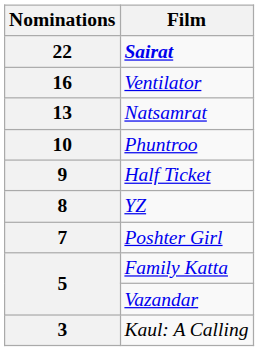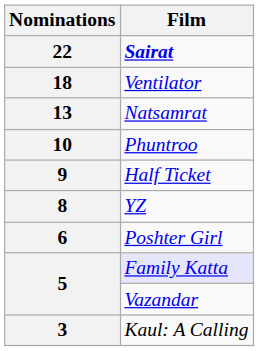 <table class="wikitable" style="display:inline-table;">
 <tr>
 <th>Nominations</th>
 <th>Film</th>
 </tr>
 <tr>
 <th>22</th>
 <td><strong><em><a href='#'>Sairat</a></em></strong></td>
 </tr>
 <tr>
-<th>16</th>
+<th>18</th>
 <td><em><a href='#'>Ventilator</a></em></td>
 </tr>
 <tr>
 <th>13</th>
 <td><em><a href='#'>Natsamrat</a></em></td>
 </tr>
 <tr>
 <th>10</th>
 <td><em><a href='#'>Phuntroo</a></em></td>
 </tr>
 <tr>
 <th>9</th>
 <td><em><a href='#'>Half Ticket</a></em></td>
 </tr>
 <tr>
 <th>8</th>
 <td><em><a href='#'>YZ</a></em></td>
 </tr>
 <tr>
-<th>7</th>
+<th>6</th>
 <td><em><a href='#'>Poshter Girl</a></em></td>
 </tr>
 <tr>
 <th rowspan="2">5</th>
-<td><em><a href='#'>Family Katta</a></em></td>
+<td style="background: lavender;"><em><a href='#'>Family Katta</a></em></td>
 </tr>
 <tr>
 <td><em><a href='#'>Vazandar</a></em></td>
 </tr>
 <tr>
 <th>3</th>
 <td><em>Kaul: A Calling</em></td>
 </tr>
 </table>
